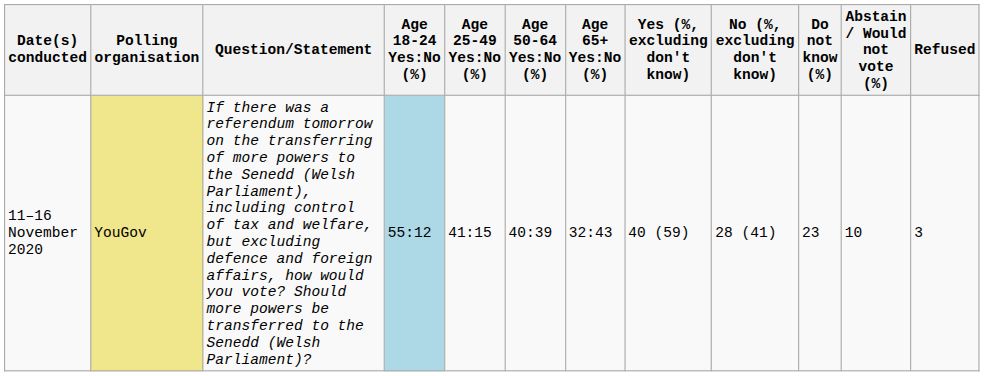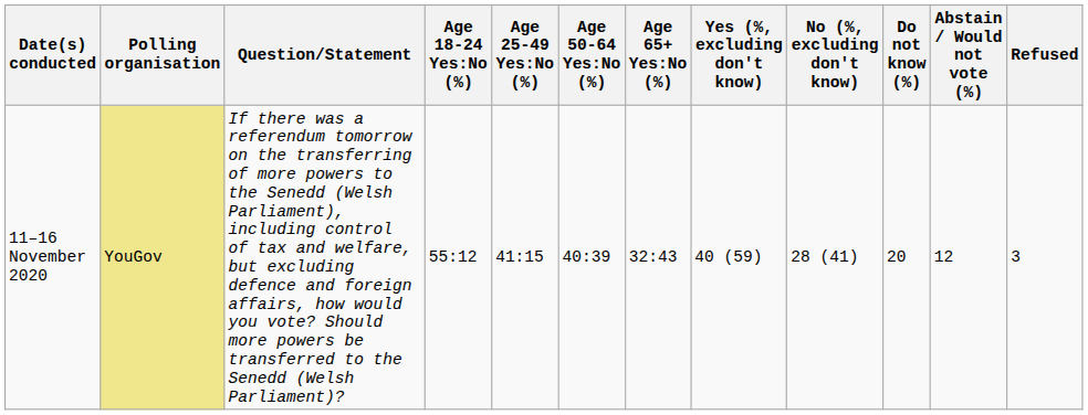 <table class="wikitable">
 <tr>
 <th>Date(s) conducted</th>
 <th>Polling organisation</th>
 <th>Question/Statement</th>
 <th>Age 18-24 Yes:No (%)</th>
 <th>Age 25-49 Yes:No (%)</th>
 <th>Age 50-64 Yes:No (%)</th>
 <th>Age 65+<br>Yes:No (%)</th>
 <th>Yes (%, excluding don't know)</th>
 <th>No (%, excluding don't know)</th>
 <th>Do not know (%)</th>
 <th>Abstain / Would not vote (%)</th>
 <th>Refused</th>
 </tr>
 <tr>
 <td>11–16 November 2020</td>
 <td style="background: khaki;">YouGov</td>
 <td><em>If there was a referendum tomorrow on the transferring of more powers to the Senedd (Welsh Parliament), including control of tax and welfare, but excluding defence and foreign affairs, how would you vote? Should more powers be transferred to the Senedd (Welsh Parliament)?</em></td>
-<td style="background: lightblue;">55:12</td>
+<td>55:12</td>
 <td>41:15</td>
 <td>40:39</td>
 <td>32:43</td>
 <td>40 (59)</td>
 <td>28 (41)</td>
-<td>23</td>
-<td>10</td>
+<td>20</td>
+<td>12</td>
 <td>3</td>
 </tr>
 </table>
